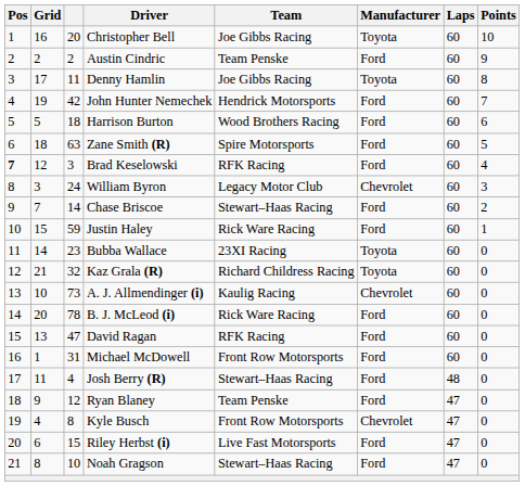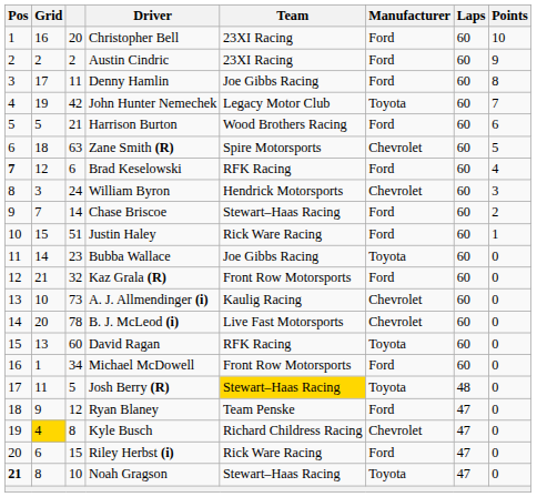 <table class="wikitable" style="font-size:98%">
 <tr>
 <th>Pos</th>
 <th>Grid</th>
 <th></th>
 <th>Driver</th>
 <th>Team</th>
 <th>Manufacturer</th>
 <th>Laps</th>
 <th>Points</th>
 </tr>
 <tr>
 <td>1</td>
 <td>16</td>
 <td>20</td>
 <td>Christopher Bell</td>
-<td>Joe Gibbs Racing</td>
-<td>Toyota</td>
+<td>23XI Racing</td>
+<td>Ford</td>
 <td>60</td>
 <td>10</td>
 </tr>
 <tr>
 <td>2</td>
 <td>2</td>
 <td>2</td>
 <td>Austin Cindric</td>
-<td>Team Penske</td>
+<td>23XI Racing</td>
 <td>Ford</td>
 <td>60</td>
 <td>9</td>
 </tr>
 <tr>
 <td>3</td>
 <td>17</td>
 <td>11</td>
 <td>Denny Hamlin</td>
 <td>Joe Gibbs Racing</td>
-<td>Toyota</td>
+<td>Ford</td>
 <td>60</td>
 <td>8</td>
 </tr>
 <tr>
 <td>4</td>
 <td>19</td>
 <td>42</td>
 <td>John Hunter Nemechek</td>
-<td>Hendrick Motorsports</td>
-<td>Ford</td>
+<td>Legacy Motor Club</td>
+<td>Toyota</td>
 <td>60</td>
 <td>7</td>
 </tr>
 <tr>
 <td>5</td>
 <td>5</td>
-<td>18</td>
+<td>21</td>
 <td>Harrison Burton</td>
 <td>Wood Brothers Racing</td>
 <td>Ford</td>
 <td>60</td>
 <td>6</td>
 </tr>
 <tr>
 <td>6</td>
 <td>18</td>
 <td>63</td>
 <td>Zane Smith <strong>(R)</strong></td>
 <td>Spire Motorsports</td>
-<td>Ford</td>
+<td>Chevrolet</td>
 <td>60</td>
 <td>5</td>
 </tr>
 <tr>
 <td><strong>7</strong></td>
 <td>12</td>
-<td>3</td>
+<td>6</td>
 <td>Brad Keselowski</td>
 <td>RFK Racing</td>
 <td>Ford</td>
 <td>60</td>
 <td>4</td>
 </tr>
 <tr>
 <td>8</td>
 <td>3</td>
 <td>24</td>
 <td>William Byron</td>
-<td>Legacy Motor Club</td>
+<td>Hendrick Motorsports</td>
 <td>Chevrolet</td>
 <td>60</td>
 <td>3</td>
 </tr>
 <tr>
 <td>9</td>
 <td>7</td>
 <td>14</td>
 <td>Chase Briscoe</td>
 <td>Stewart–Haas Racing</td>
 <td>Ford</td>
 <td>60</td>
 <td>2</td>
 </tr>
 <tr>
 <td>10</td>
 <td>15</td>
-<td>59</td>
+<td>51</td>
 <td>Justin Haley</td>
 <td>Rick Ware Racing</td>
 <td>Ford</td>
 <td>60</td>
 <td>1</td>
 </tr>
 <tr>
 <td>11</td>
 <td>14</td>
 <td>23</td>
 <td>Bubba Wallace</td>
-<td>23XI Racing</td>
+<td>Joe Gibbs Racing</td>
 <td>Toyota</td>
 <td>60</td>
 <td>0</td>
 </tr>
 <tr>
 <td>12</td>
 <td>21</td>
 <td>32</td>
 <td>Kaz Grala <strong>(R)</strong></td>
-<td>Richard Childress Racing</td>
-<td>Toyota</td>
+<td>Front Row Motorsports</td>
+<td>Ford</td>
 <td>60</td>
 <td>0</td>
 </tr>
 <tr>
 <td>13</td>
 <td>10</td>
 <td>73</td>
 <td>A. J. Allmendinger <strong>(i)</strong></td>
 <td>Kaulig Racing</td>
 <td>Chevrolet</td>
 <td>60</td>
 <td>0</td>
 </tr>
 <tr>
 <td>14</td>
 <td>20</td>
 <td>78</td>
 <td>B. J. McLeod <strong>(i)</strong></td>
-<td>Rick Ware Racing</td>
-<td>Ford</td>
+<td>Live Fast Motorsports</td>
+<td>Chevrolet</td>
 <td>60</td>
 <td>0</td>
 </tr>
 <tr>
 <td>15</td>
 <td>13</td>
-<td>47</td>
+<td>60</td>
 <td>David Ragan</td>
 <td>RFK Racing</td>
-<td>Ford</td>
+<td>Toyota</td>
 <td>60</td>
 <td>0</td>
 </tr>
 <tr>
 <td>16</td>
 <td>1</td>
-<td>31</td>
+<td>34</td>
 <td>Michael McDowell</td>
 <td>Front Row Motorsports</td>
 <td>Ford</td>
 <td>60</td>
 <td>0</td>
 </tr>
 <tr>
 <td>17</td>
 <td>11</td>
-<td>4</td>
+<td>5</td>
 <td>Josh Berry <strong>(R)</strong></td>
-<td>Stewart–Haas Racing</td>
-<td>Ford</td>
+<td style="background: gold;">Stewart–Haas Racing</td>
+<td>Toyota</td>
 <td>48</td>
 <td>0</td>
 </tr>
 <tr>
 <td>18</td>
 <td>9</td>
 <td>12</td>
 <td>Ryan Blaney</td>
 <td>Team Penske</td>
 <td>Ford</td>
 <td>47</td>
 <td>0</td>
 </tr>
 <tr>
 <td>19</td>
-<td>4</td>
+<td style="background: gold;">4</td>
 <td>8</td>
 <td>Kyle Busch</td>
-<td>Front Row Motorsports</td>
+<td>Richard Childress Racing</td>
 <td>Chevrolet</td>
 <td>47</td>
 <td>0</td>
 </tr>
 <tr>
 <td>20</td>
 <td>6</td>
 <td>15</td>
 <td>Riley Herbst <strong>(i)</strong></td>
-<td>Live Fast Motorsports</td>
+<td>Rick Ware Racing</td>
 <td>Ford</td>
 <td>47</td>
 <td>0</td>
 </tr>
 <tr>
-<td>21</td>
+<td><strong>21</strong></td>
 <td>8</td>
 <td>10</td>
 <td>Noah Gragson</td>
 <td>Stewart–Haas Racing</td>
-<td>Ford</td>
+<td>Toyota</td>
 <td>47</td>
 <td>0</td>
 </tr>
 <tr>
 <th colspan="8"></th>
 </tr>
 </table>
